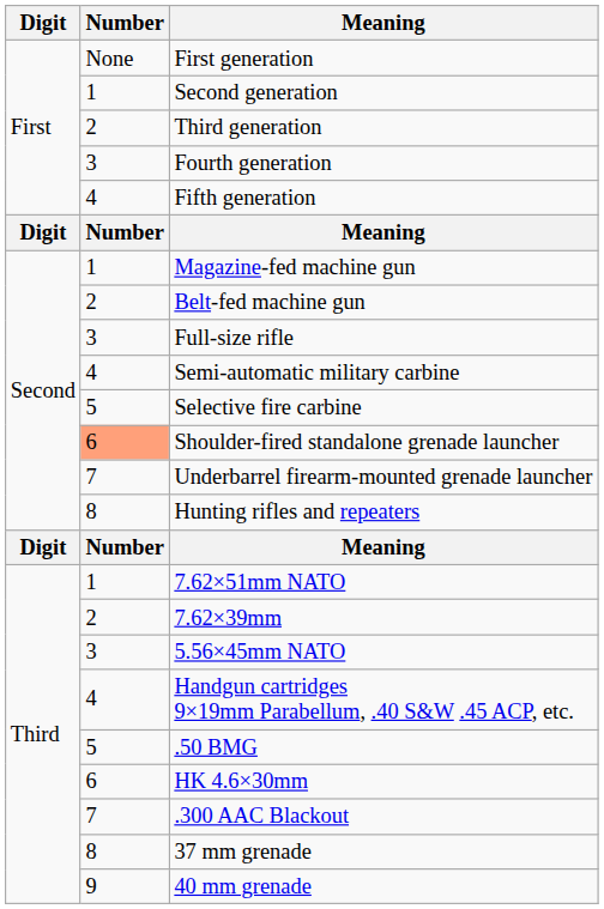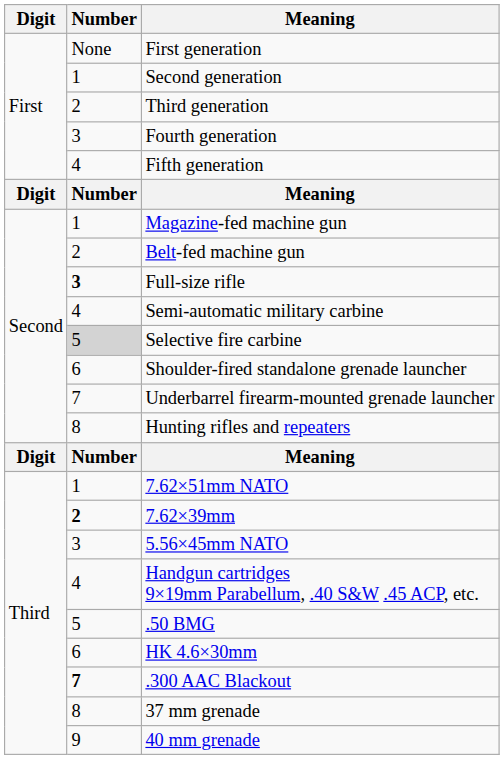 <table class="wikitable">
 <tr>
 <th>Digit</th>
 <th>Number</th>
 <th>Meaning</th>
 </tr>
 <tr>
 <td rowspan="5">First</td>
 <td>None</td>
 <td>First generation</td>
 </tr>
 <tr>
 <td>1</td>
 <td>Second generation</td>
 </tr>
 <tr>
 <td>2</td>
 <td>Third generation</td>
 </tr>
 <tr>
 <td>3</td>
 <td>Fourth generation</td>
 </tr>
 <tr>
 <td>4</td>
 <td>Fifth generation</td>
 </tr>
 <tr>
 <th>Digit</th>
 <th>Number</th>
 <th>Meaning</th>
 </tr>
 <tr>
 <td rowspan="8">Second</td>
 <td>1</td>
 <td><a href='#'>Magazine</a>-fed machine gun</td>
 </tr>
 <tr>
 <td>2</td>
 <td><a href='#'>Belt</a>-fed machine gun</td>
 </tr>
 <tr>
-<td>3</td>
+<td><strong>3</strong></td>
 <td>Full-size rifle</td>
 </tr>
 <tr>
 <td>4</td>
 <td>Semi-automatic military carbine</td>
 </tr>
 <tr>
-<td>5</td>
+<td style="background: lightgrey;">5</td>
 <td>Selective fire carbine</td>
 </tr>
 <tr>
-<td style="background: lightsalmon;">6</td>
+<td>6</td>
 <td>Shoulder-fired standalone grenade launcher</td>
 </tr>
 <tr>
 <td>7</td>
 <td>Underbarrel firearm-mounted grenade launcher</td>
 </tr>
 <tr>
 <td>8</td>
 <td>Hunting rifles and <a href='#'>repeaters</a></td>
 </tr>
 <tr>
 <th>Digit</th>
 <th>Number</th>
 <th>Meaning</th>
 </tr>
 <tr>
 <td rowspan="9">Third</td>
 <td>1</td>
 <td><a href='#'>7.62×51mm NATO</a></td>
 </tr>
 <tr>
-<td>2</td>
+<td><strong>2</strong></td>
 <td><a href='#'>7.62×39mm</a></td>
 </tr>
 <tr>
 <td>3</td>
 <td><a href='#'>5.56×45mm NATO</a></td>
 </tr>
 <tr>
 <td>4</td>
 <td><a href='#'>Handgun cartridges</a><br><a href='#'>9×19mm Parabellum</a>, <a href='#'>.40 S&W</a> <a href='#'>.45 ACP</a>, etc.</td>
 </tr>
 <tr>
 <td>5</td>
 <td><a href='#'>.50 BMG</a></td>
 </tr>
 <tr>
 <td>6</td>
 <td><a href='#'>HK 4.6×30mm</a></td>
 </tr>
 <tr>
-<td>7</td>
+<td><strong>7</strong></td>
 <td><a href='#'>.300 AAC Blackout</a></td>
 </tr>
 <tr>
 <td>8</td>
 <td>37 mm grenade</td>
 </tr>
 <tr>
 <td>9</td>
 <td><a href='#'>40 mm grenade</a></td>
 </tr>
 </table>
